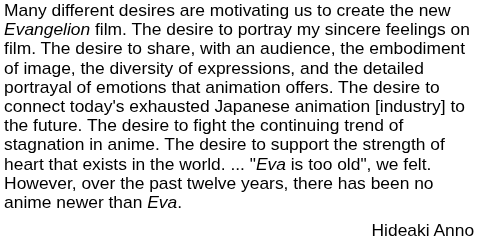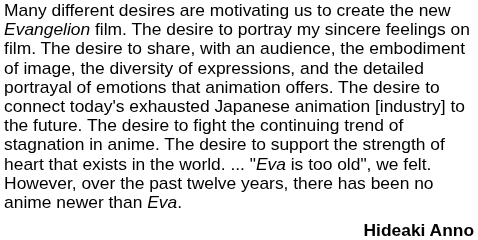 <table class="toccolours" style="float: left; margin-left: 1em; margin-right: 2em; font-size: 85%; background:#white; color:black; width:30em; max-width: 30%;" cellspacing="5">
 <tr>
 <td style="text-align: left;">Many different desires are motivating us to create the new <em>Evangelion</em> film. The desire to portray my sincere feelings on film. The desire to share, with an audience, the embodiment of image, the diversity of expressions, and the detailed portrayal of emotions that animation offers. The desire to connect today's exhausted Japanese animation [industry] to the future. The desire to fight the continuing trend of stagnation in anime. The desire to support the strength of heart that exists in the world. ... "<em>Eva</em> is too old", we felt. However, over the past twelve years, there has been no anime newer than <em>Eva</em>.</td>
 </tr>
 <tr>
-<td style="text-align: right;">Hideaki Anno</td>
+<td style="text-align: right;"><strong>Hideaki Anno</strong></td>
 </tr>
 </table>
